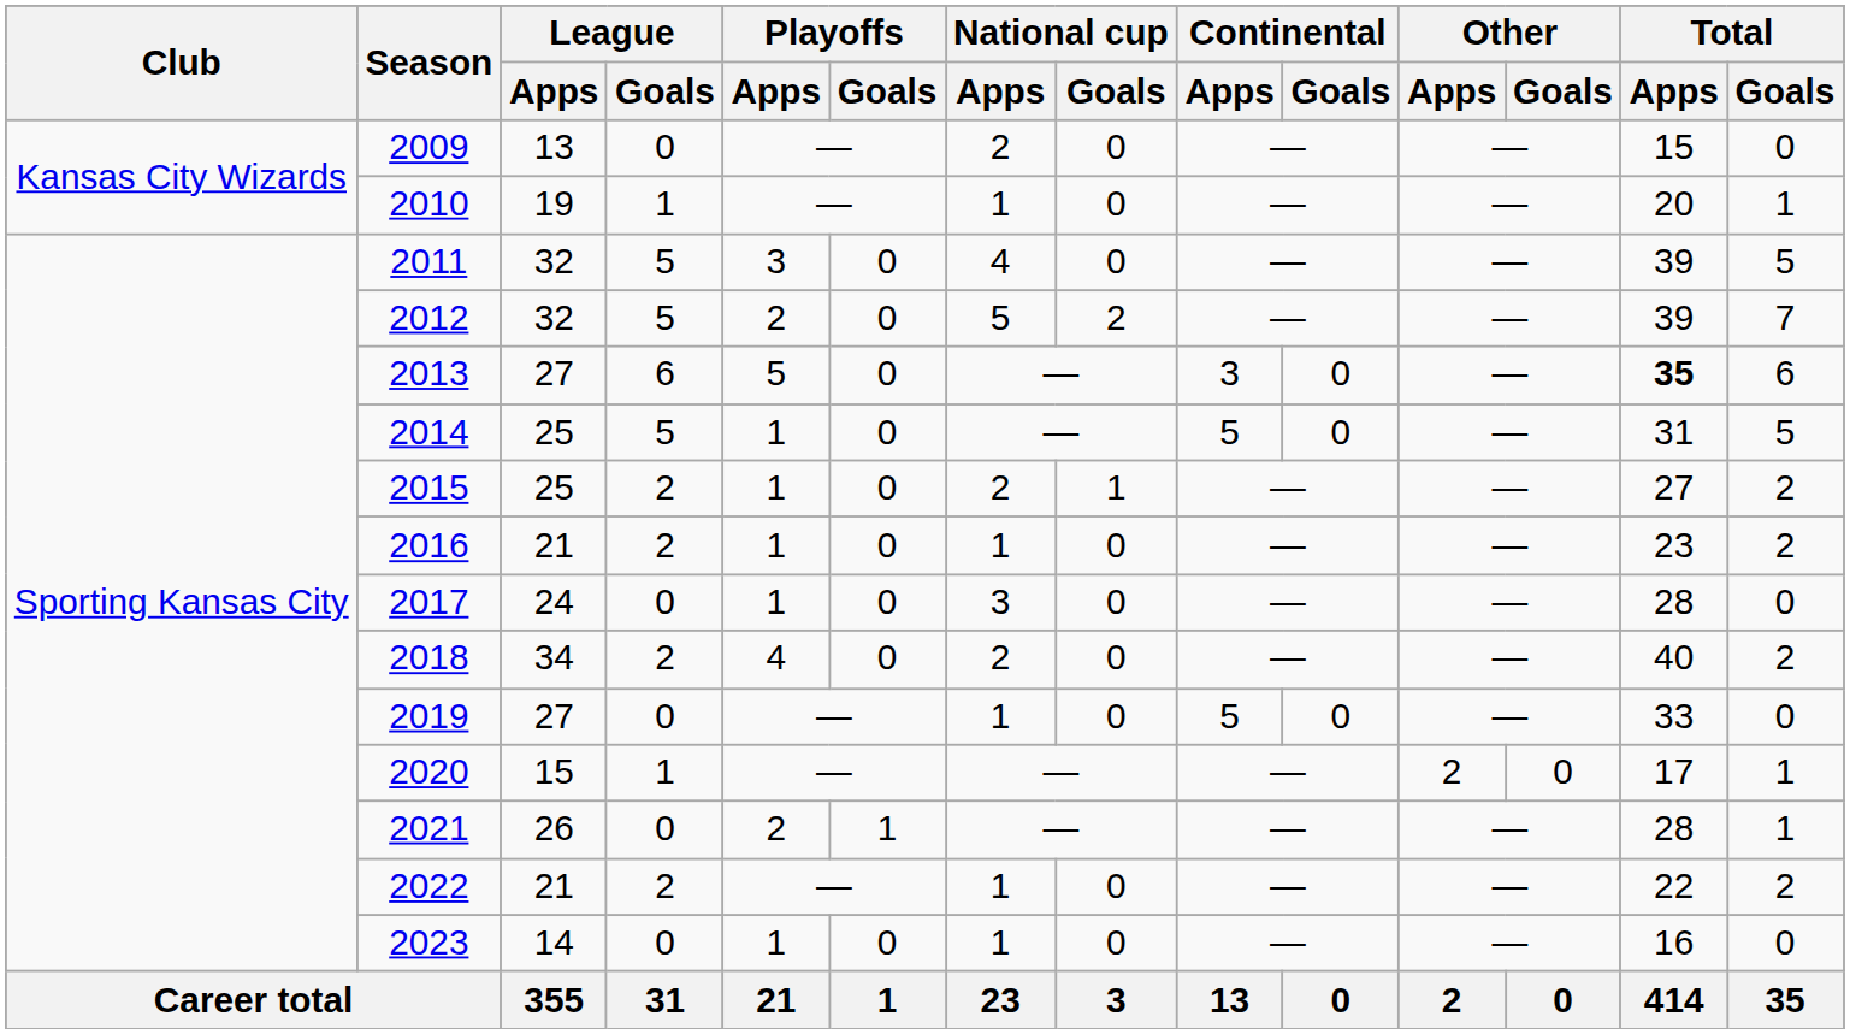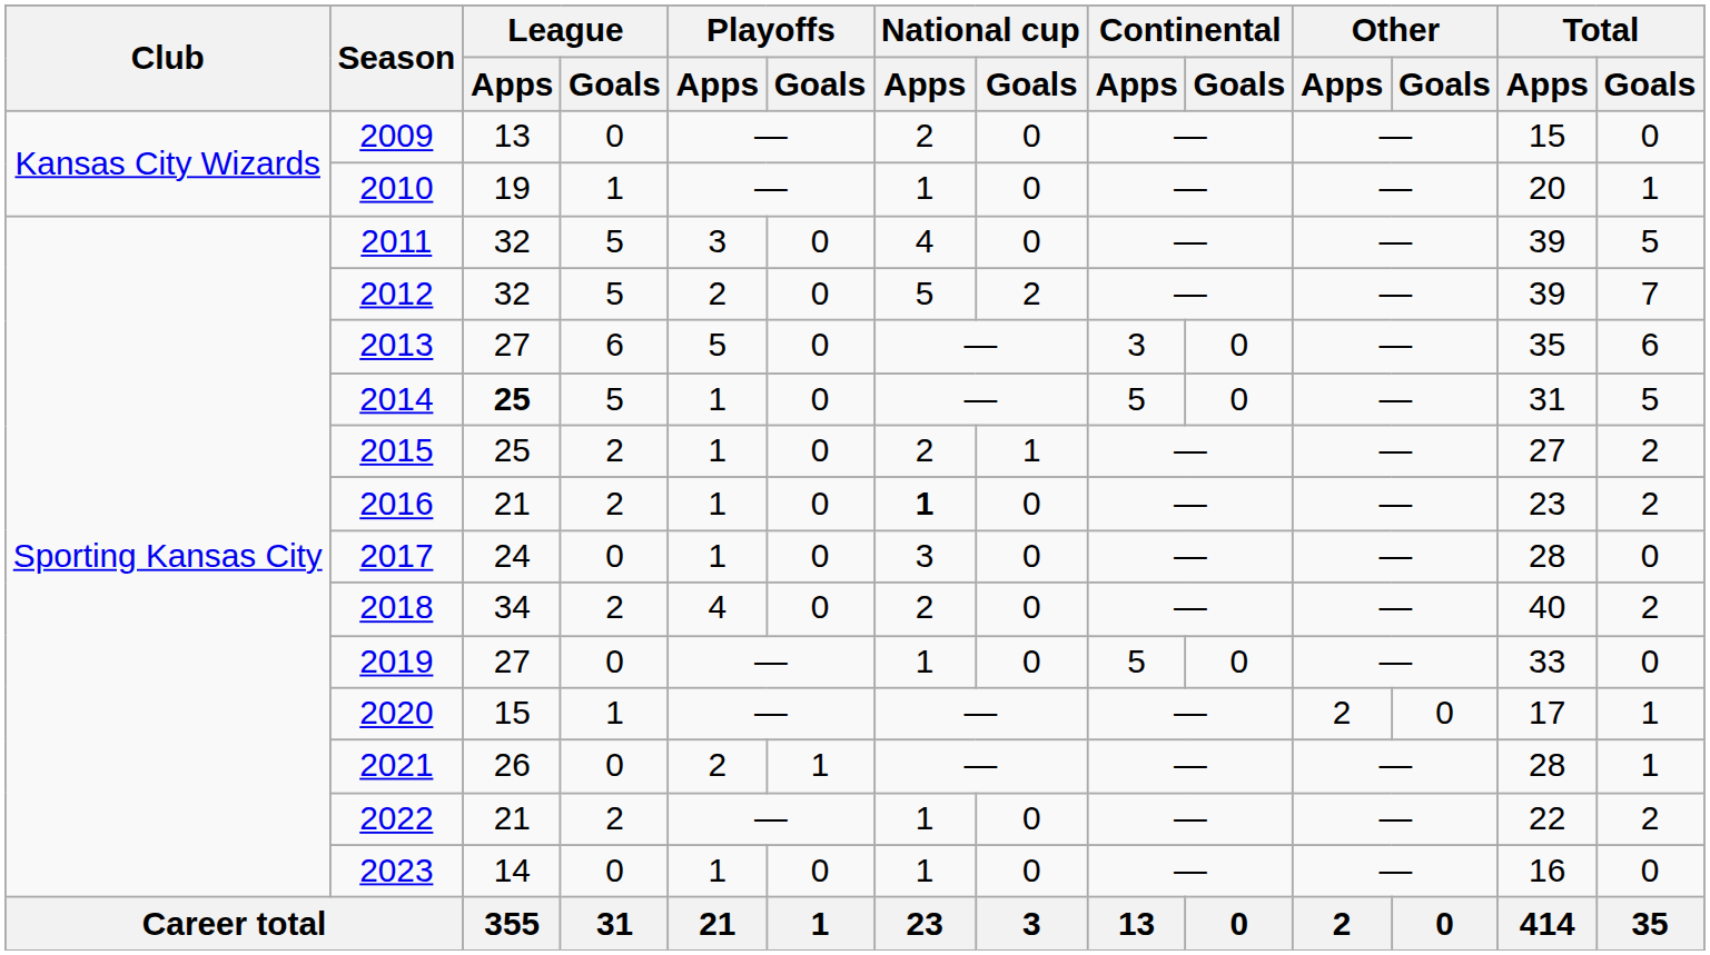 <table class="wikitable" style="text-align:center">
 <tr>
 <th rowspan="2">Club</th>
 <th rowspan="2">Season</th>
 <th colspan="2">League</th>
 <th colspan="2">Playoffs</th>
 <th colspan="2">National cup</th>
 <th colspan="2">Continental</th>
 <th colspan="2">Other</th>
 <th colspan="2">Total</th>
 </tr>
 <tr>
 <th>Apps</th>
 <th>Goals</th>
 <th>Apps</th>
 <th>Goals</th>
 <th>Apps</th>
 <th>Goals</th>
 <th>Apps</th>
 <th>Goals</th>
 <th>Apps</th>
 <th>Goals</th>
 <th>Apps</th>
 <th>Goals</th>
 </tr>
 <tr>
 <td rowspan="2"><a href='#'>Kansas City Wizards</a></td>
 <td><a href='#'>2009</a></td>
 <td>13</td>
 <td>0</td>
 <td colspan="2">—</td>
 <td>2</td>
 <td>0</td>
 <td colspan="2">—</td>
 <td colspan="2">—</td>
 <td>15</td>
 <td>0</td>
 </tr>
 <tr>
 <td><a href='#'>2010</a></td>
 <td>19</td>
 <td>1</td>
 <td colspan="2">—</td>
 <td>1</td>
 <td>0</td>
 <td colspan="2">—</td>
 <td colspan="2">—</td>
 <td>20</td>
 <td>1</td>
 </tr>
 <tr>
 <td rowspan="13"><a href='#'>Sporting Kansas City</a></td>
 <td><a href='#'>2011</a></td>
 <td>32</td>
 <td>5</td>
 <td>3</td>
 <td>0</td>
 <td>4</td>
 <td>0</td>
 <td colspan="2">—</td>
 <td colspan="2">—</td>
 <td>39</td>
 <td>5</td>
 </tr>
 <tr>
 <td><a href='#'>2012</a></td>
 <td>32</td>
 <td>5</td>
 <td>2</td>
 <td>0</td>
 <td>5</td>
 <td>2</td>
 <td colspan="2">—</td>
 <td colspan="2">—</td>
 <td>39</td>
 <td>7</td>
 </tr>
 <tr>
 <td><a href='#'>2013</a></td>
 <td>27</td>
 <td>6</td>
 <td>5</td>
 <td>0</td>
 <td colspan="2">—</td>
 <td>3</td>
 <td>0</td>
 <td colspan="2">—</td>
-<td><strong>35</strong></td>
+<td>35</td>
 <td>6</td>
 </tr>
 <tr>
 <td><a href='#'>2014</a></td>
-<td>25</td>
+<td><strong>25</strong></td>
 <td>5</td>
 <td>1</td>
 <td>0</td>
 <td colspan="2">—</td>
 <td>5</td>
 <td>0</td>
 <td colspan="2">—</td>
 <td>31</td>
 <td>5</td>
 </tr>
 <tr>
 <td><a href='#'>2015</a></td>
 <td>25</td>
 <td>2</td>
 <td>1</td>
 <td>0</td>
 <td>2</td>
 <td>1</td>
 <td colspan="2">—</td>
 <td colspan="2">—</td>
 <td>27</td>
 <td>2</td>
 </tr>
 <tr>
 <td><a href='#'>2016</a></td>
 <td>21</td>
 <td>2</td>
 <td>1</td>
 <td>0</td>
-<td>1</td>
+<td><strong>1</strong></td>
 <td>0</td>
 <td colspan="2">—</td>
 <td colspan="2">—</td>
 <td>23</td>
 <td>2</td>
 </tr>
 <tr>
 <td><a href='#'>2017</a></td>
 <td>24</td>
 <td>0</td>
 <td>1</td>
 <td>0</td>
 <td>3</td>
 <td>0</td>
 <td colspan="2">—</td>
 <td colspan="2">—</td>
 <td>28</td>
 <td>0</td>
 </tr>
 <tr>
 <td><a href='#'>2018</a></td>
 <td>34</td>
 <td>2</td>
 <td>4</td>
 <td>0</td>
 <td>2</td>
 <td>0</td>
 <td colspan="2">—</td>
 <td colspan="2">—</td>
 <td>40</td>
 <td>2</td>
 </tr>
 <tr>
 <td><a href='#'>2019</a></td>
 <td>27</td>
 <td>0</td>
 <td colspan="2">—</td>
 <td>1</td>
 <td>0</td>
 <td>5</td>
 <td>0</td>
 <td colspan="2">—</td>
 <td>33</td>
 <td>0</td>
 </tr>
 <tr>
 <td><a href='#'>2020</a></td>
 <td>15</td>
 <td>1</td>
 <td colspan="2">—</td>
 <td colspan="2">—</td>
 <td colspan="2">—</td>
 <td>2</td>
 <td>0</td>
 <td>17</td>
 <td>1</td>
 </tr>
 <tr>
 <td><a href='#'>2021</a></td>
 <td>26</td>
 <td>0</td>
 <td>2</td>
 <td>1</td>
 <td colspan="2">—</td>
 <td colspan="2">—</td>
 <td colspan="2">—</td>
 <td>28</td>
 <td>1</td>
 </tr>
 <tr>
 <td><a href='#'>2022</a></td>
 <td>21</td>
 <td>2</td>
 <td colspan="2">—</td>
 <td>1</td>
 <td>0</td>
 <td colspan="2">—</td>
 <td colspan="2">—</td>
 <td>22</td>
 <td>2</td>
 </tr>
 <tr>
 <td><a href='#'>2023</a></td>
 <td>14</td>
 <td>0</td>
 <td>1</td>
 <td>0</td>
 <td>1</td>
 <td>0</td>
 <td colspan="2">—</td>
 <td colspan="2">—</td>
 <td>16</td>
 <td>0</td>
 </tr>
 <tr>
 <th colspan="2">Career total</th>
 <th>355</th>
 <th>31</th>
 <th>21</th>
 <th>1</th>
 <th>23</th>
 <th>3</th>
 <th>13</th>
 <th>0</th>
 <th>2</th>
 <th>0</th>
 <th>414</th>
 <th>35</th>
 </tr>
 </table>
